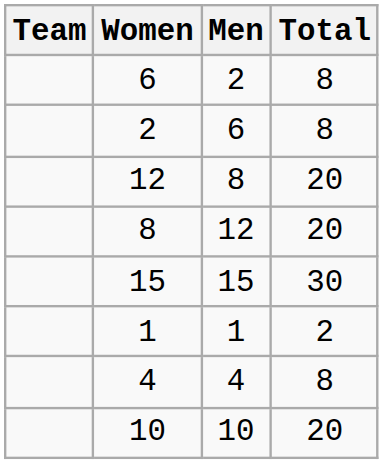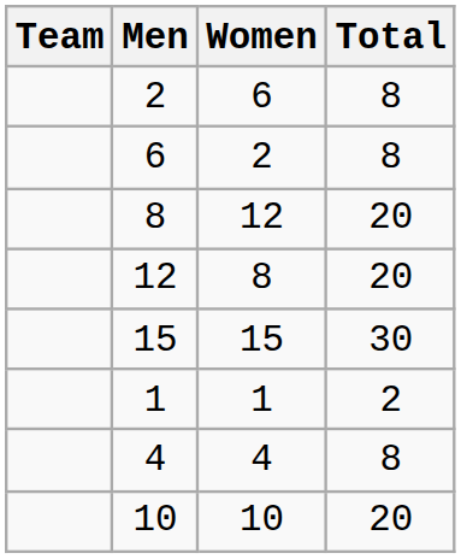 <table class="wikitable sortable" style="text-align:center">
 <tr>
 <th>Team</th>
+<th>Men</th>
 <th>Women</th>
-<th>Men</th>
 <th>Total</th>
+</tr>
+<tr>
+<td align=left></td>
+<td>2</td>
+<td>6</td>
+<td>8</td>
 </tr>
 <tr>
 <td align=left></td>
 <td>6</td>
 <td>2</td>
 <td>8</td>
 </tr>
 <tr>
 <td align=left></td>
-<td>2</td>
-<td>6</td>
 <td>8</td>
+<td>12</td>
+<td>20</td>
 </tr>
 <tr>
 <td align=left></td>
 <td>12</td>
 <td>8</td>
-<td>20</td>
-</tr>
-<tr>
-<td align=left></td>
-<td>8</td>
-<td>12</td>
 <td>20</td>
 </tr>
 <tr>
 <td align=left></td>
 <td>15</td>
 <td>15</td>
 <td>30</td>
 </tr>
 <tr>
 <td align=left></td>
 <td>1</td>
 <td>1</td>
 <td>2</td>
 </tr>
 <tr>
 <td align=left></td>
 <td>4</td>
 <td>4</td>
 <td>8</td>
 </tr>
 <tr>
 <td align=left></td>
 <td>10</td>
 <td>10</td>
 <td>20</td>
 </tr>
 </table>
